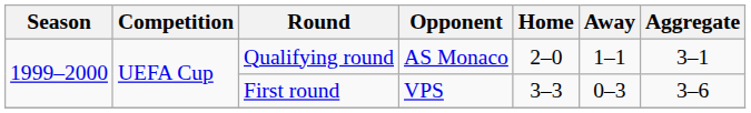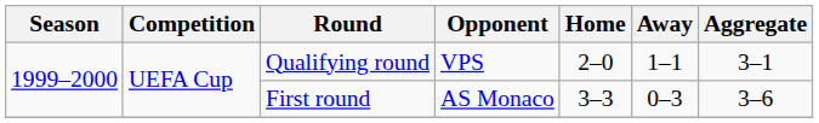 <table class="wikitable">
 <tr>
 <th>Season</th>
 <th>Competition</th>
 <th>Round</th>
 <th>Opponent</th>
 <th>Home</th>
 <th>Away</th>
 <th>Aggregate</th>
 </tr>
 <tr>
 <td rowspan="2"><a href='#'>1999–2000</a></td>
 <td rowspan="2"><a href='#'>UEFA Cup</a></td>
 <td><a href='#'>Qualifying round</a></td>
-<td> <a href='#'>AS Monaco</a></td>
+<td> <a href='#'>VPS</a></td>
 <td align="center">2–0</td>
 <td align="center">1–1</td>
 <td align="center">3–1</td>
 </tr>
 <tr>
 <td><a href='#'>First round</a></td>
-<td> <a href='#'>VPS</a></td>
+<td> <a href='#'>AS Monaco</a></td>
 <td align="center">3–3</td>
 <td align="center">0–3</td>
 <td align="center">3–6</td>
 </tr>
 <tr>
 </tr>
 </table>
